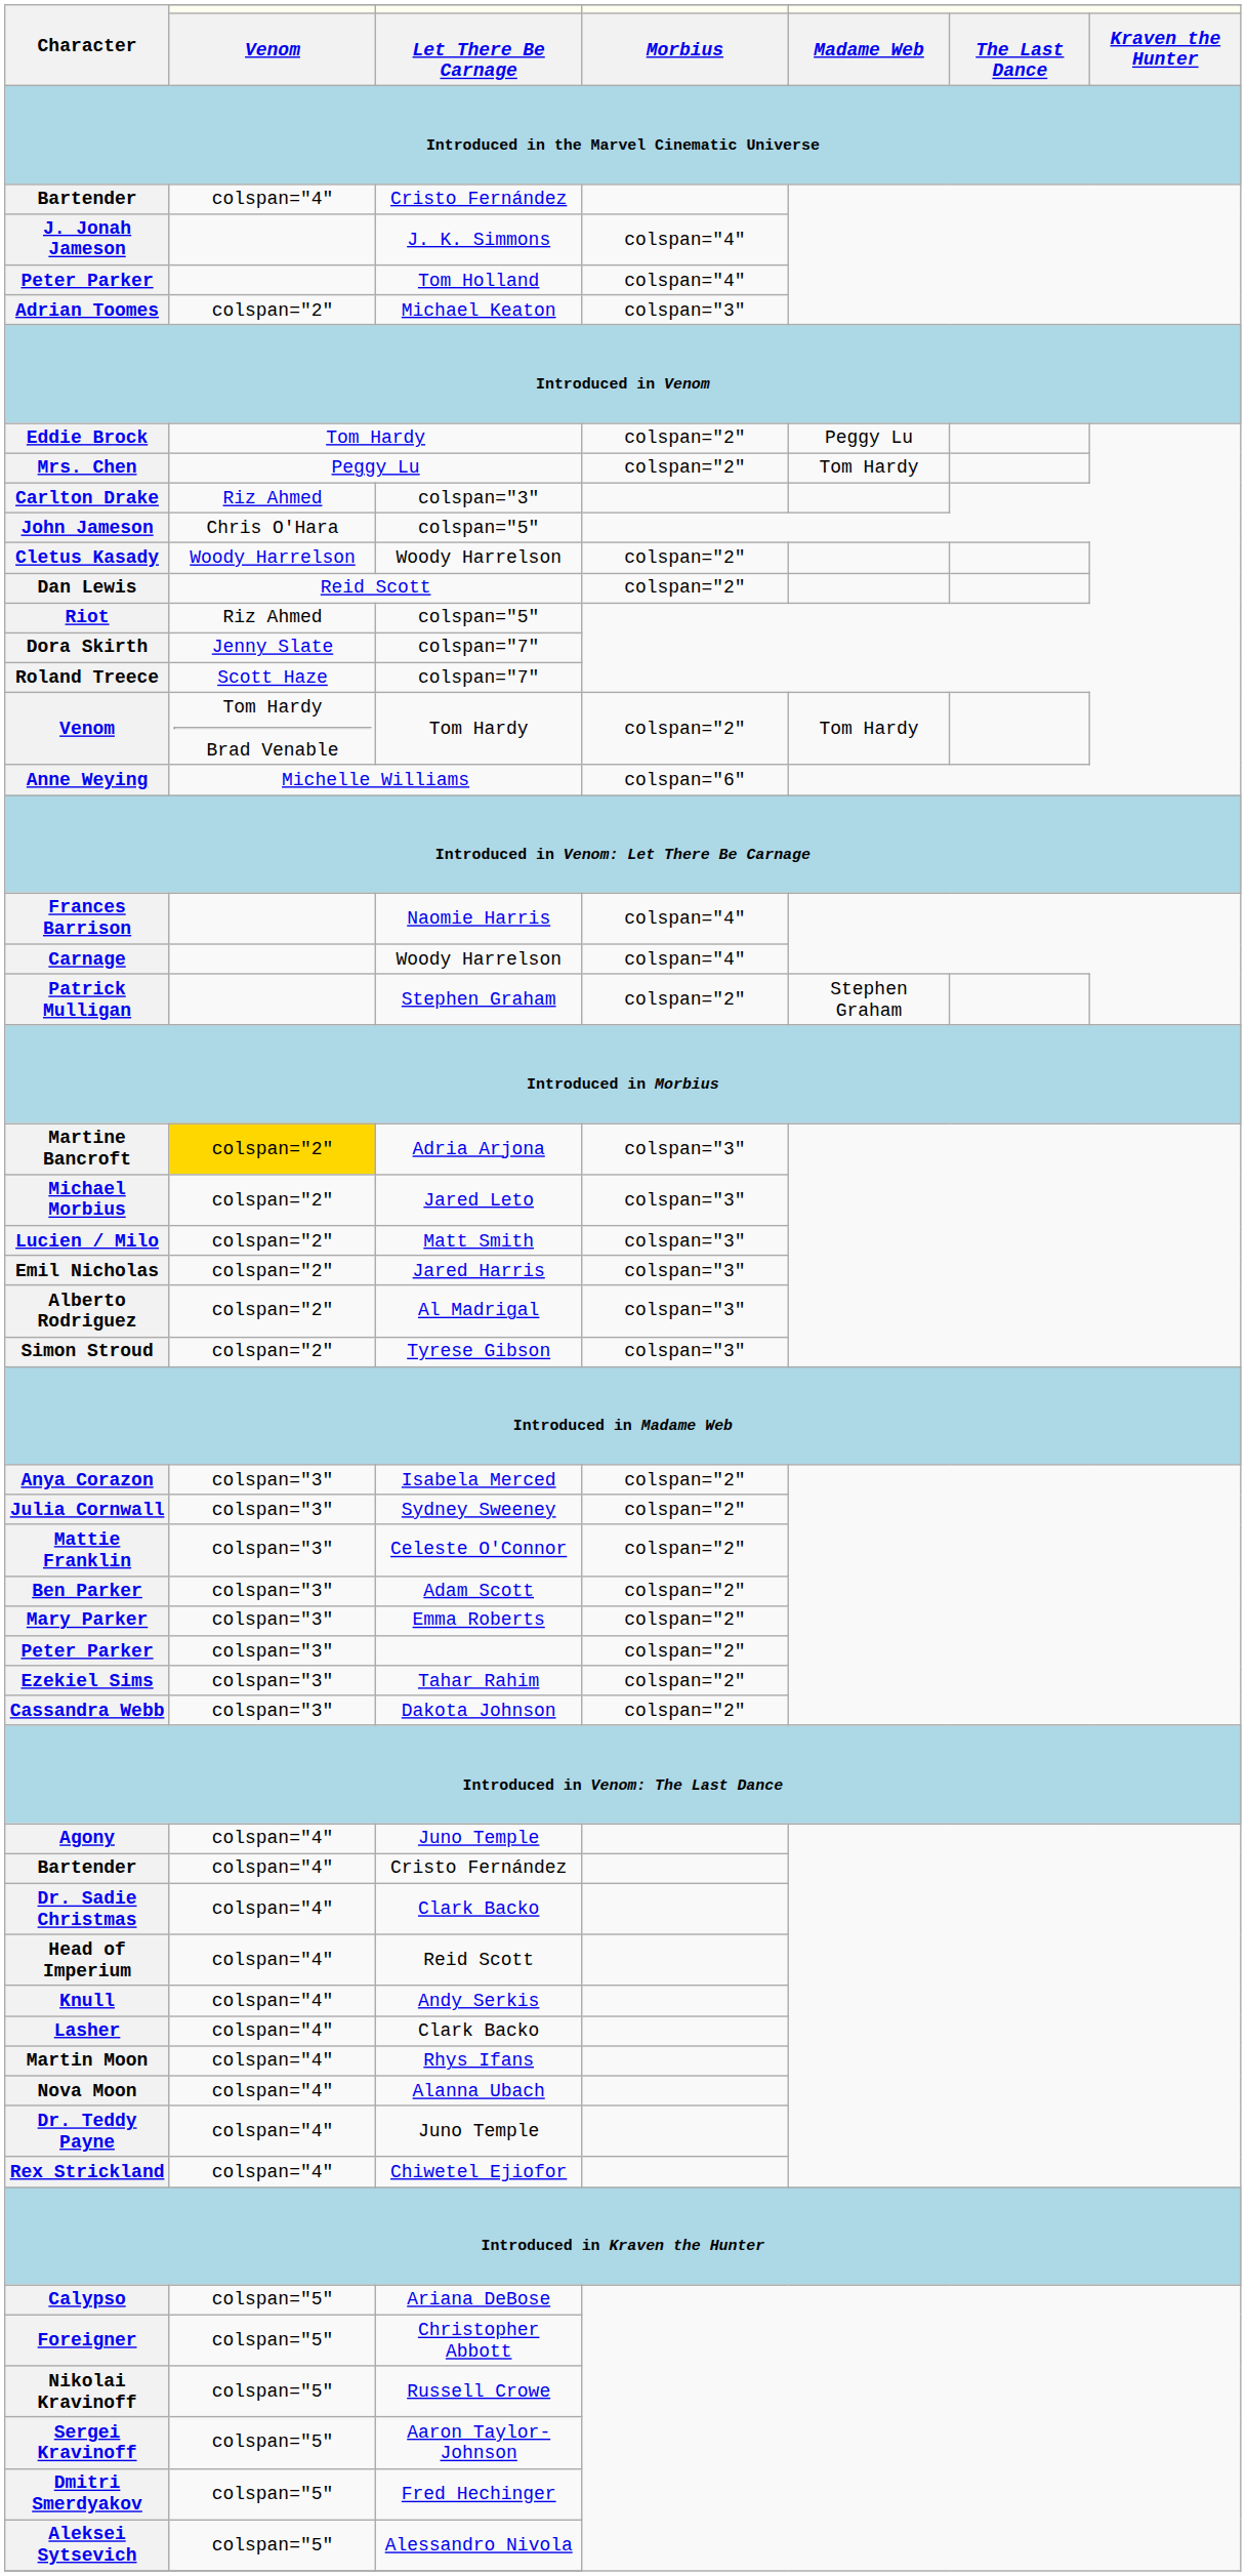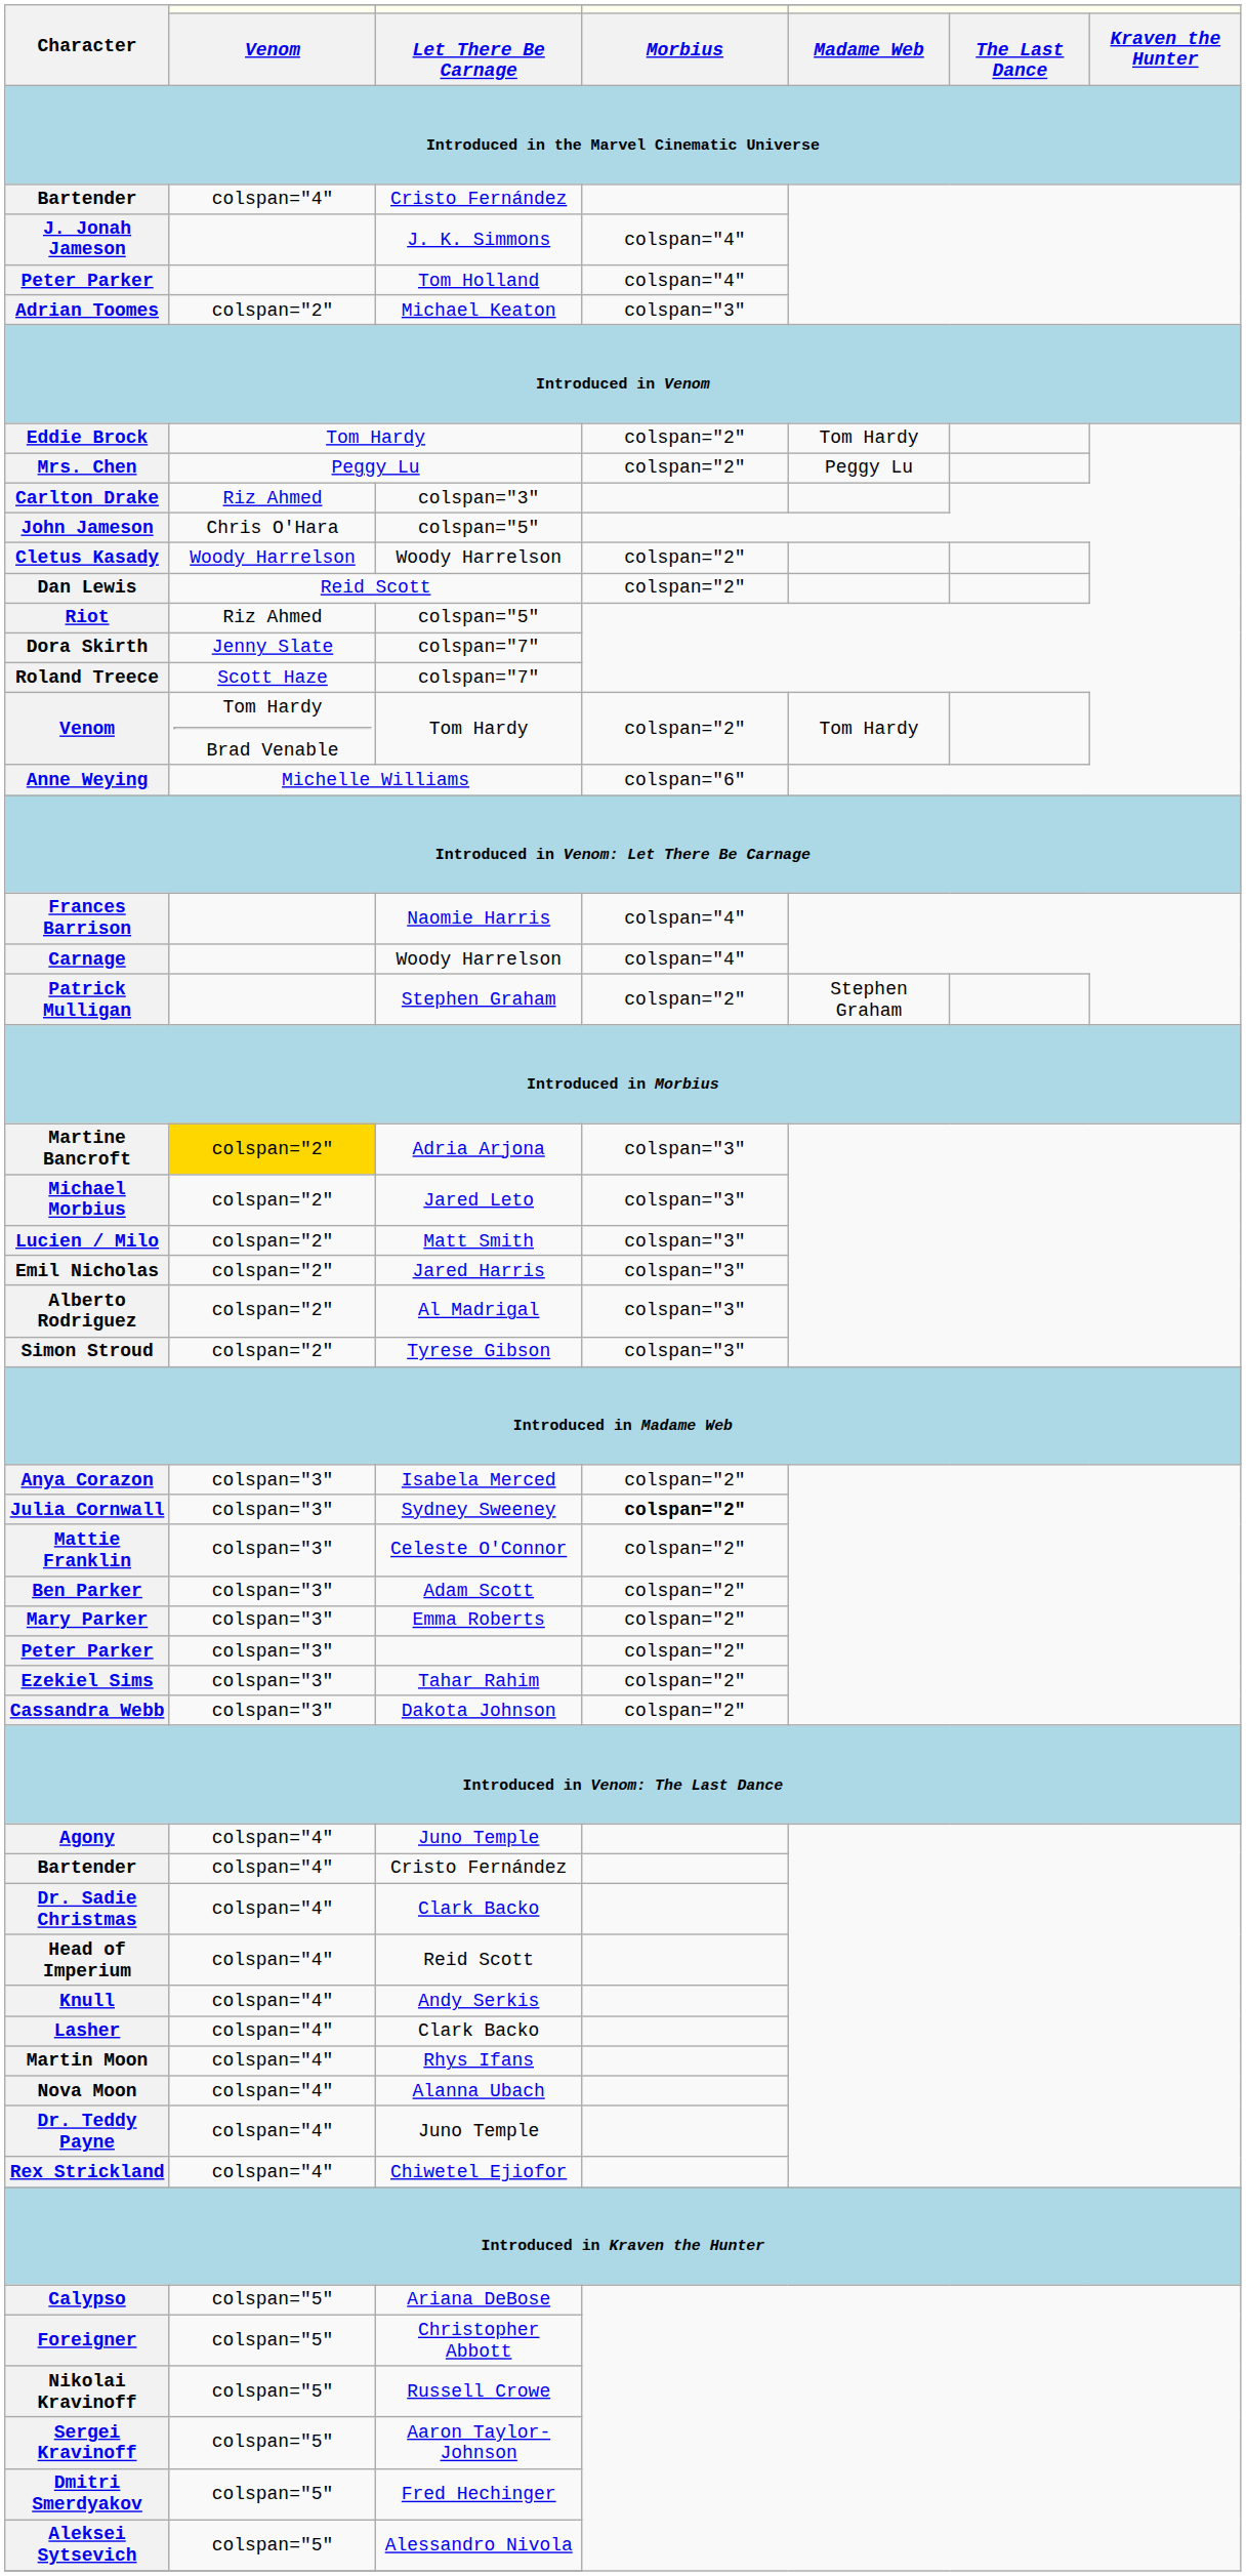 <table class="wikitable" style="text-align:center; width:99%;">
 <tr>
 <th rowspan="3" width="3%">Character</th>
 </tr>
 <tr>
 <th style="background:ivory;"></th>
 <th style="background:ivory;"></th>
 <th style="background:ivory;"></th>
 <th colspan="3" style="background:ivory;"></th>
 </tr>
 <tr>
 <th align="center" width="5%"><a href='#'><em>Venom</em></a></th>
 <th align="center" width="5%"><a href='#'><em><br>Let There Be Carnage</em></a></th>
 <th align="center" width="5%"><a href='#'><em>Morbius</em></a></th>
 <th align="center" width="5%"><a href='#'><em>Madame Web</em></a></th>
 <th align="center" width="5%"><a href='#'><em><br>The Last Dance</em></a></th>
 <th align="center" width="5%"><a href='#'><em>Kraven the Hunter</em></a></th>
 </tr>
 <tr>
 <th colspan="7" style="background:lightblue;"><br><h5>Introduced in the Marvel Cinematic Universe</h5></th>
 </tr>
 <tr>
 <th scope="row">Bartender</th>
 <td>colspan="4" </td>
 <td><a href='#'>Cristo Fernández</a></td>
 <td></td>
 </tr>
 <tr>
 <th scope="row"><a href='#'>J. Jonah Jameson</a></th>
 <td></td>
 <td><a href='#'>J. K. Simmons</a></td>
 <td>colspan="4" </td>
 </tr>
 <tr>
 <th scope="row"><a href='#'>Peter Parker<br></a></th>
 <td></td>
 <td><a href='#'>Tom Holland</a></td>
 <td>colspan="4" </td>
 </tr>
 <tr>
 <th scope="row"><a href='#'>Adrian Toomes<br></a></th>
 <td>colspan="2" </td>
 <td><a href='#'>Michael Keaton</a></td>
 <td>colspan="3" </td>
 </tr>
 <tr>
 <th colspan="7" style="background:lightblue;"><br><h5>Introduced in <em>Venom</em></h5></th>
 </tr>
 <tr>
 <th scope="row"><a href='#'>Eddie Brock</a></th>
 <td colspan="2"><a href='#'>Tom Hardy</a></td>
 <td>colspan="2" </td>
-<td>Peggy Lu</td>
+<td>Tom Hardy</td>
 <td></td>
 </tr>
 <tr>
 <th scope="row"><a href='#'>Mrs. Chen</a></th>
 <td colspan="2"><a href='#'>Peggy Lu</a></td>
 <td>colspan="2" </td>
-<td>Tom Hardy</td>
+<td>Peggy Lu</td>
 <td></td>
 </tr>
 <tr>
 <th scope="row"><a href='#'>Carlton Drake</a></th>
 <td><a href='#'>Riz Ahmed</a></td>
 <td>colspan="3" </td>
 <td></td>
 <td></td>
 </tr>
 <tr>
 <th scope="row"><a href='#'>John Jameson</a></th>
 <td>Chris O'Hara</td>
 <td>colspan="5" </td>
 </tr>
 <tr>
 <th scope="row"><a href='#'>Cletus Kasady</a></th>
 <td><a href='#'>Woody Harrelson</a></td>
 <td>Woody Harrelson<br></td>
 <td>colspan="2" </td>
 <td></td>
 <td></td>
 </tr>
 <tr>
 <th scope="row">Dan Lewis</th>
 <td colspan="2"><a href='#'>Reid Scott</a></td>
 <td>colspan="2" </td>
 <td></td>
 <td></td>
 </tr>
 <tr>
 <th scope="row"><a href='#'>Riot</a></th>
 <td>Riz Ahmed</td>
 <td>colspan="5" </td>
 </tr>
 <tr>
 <th scope="row">Dora Skirth</th>
 <td><a href='#'>Jenny Slate</a></td>
 <td>colspan="7" </td>
 </tr>
 <tr>
 <th scope="row">Roland Treece</th>
 <td><a href='#'>Scott Haze</a></td>
 <td>colspan="7" </td>
 </tr>
 <tr>
 <th scope="row"><a href='#'>Venom</a></th>
 <td>Tom Hardy<hr>Brad Venable</td>
 <td>Tom Hardy</td>
 <td>colspan="2" </td>
 <td>Tom Hardy</td>
 <td></td>
 </tr>
 <tr>
 <th scope="row"><a href='#'>Anne Weying</a></th>
 <td colspan="2"><a href='#'>Michelle Williams</a></td>
 <td>colspan="6" </td>
 </tr>
 <tr>
 <th colspan="7" style="background:lightblue;"><br><h5>Introduced in <em>Venom: Let There Be Carnage</em></h5></th>
 </tr>
 <tr>
 <th scope="row"><a href='#'>Frances Barrison<br></a></th>
 <td></td>
 <td><a href='#'>Naomie Harris</a><br></td>
 <td>colspan="4" </td>
 </tr>
 <tr>
 <th scope="row"><a href='#'>Carnage</a></th>
 <td></td>
 <td>Woody Harrelson</td>
 <td>colspan="4" </td>
 </tr>
 <tr>
 <th scope="row"><a href='#'>Patrick Mulligan</a></th>
 <td></td>
 <td><a href='#'>Stephen Graham</a><br></td>
 <td>colspan="2" </td>
 <td>Stephen Graham</td>
 <td></td>
 </tr>
 <tr>
 <th colspan="7" style="background:lightblue;"><br><h5>Introduced in <em>Morbius</em></h5></th>
 </tr>
 <tr>
 <th scope="row">Martine Bancroft</th>
 <td style="background: gold;">colspan="2" </td>
 <td><a href='#'>Adria Arjona</a></td>
 <td>colspan="3" </td>
 </tr>
 <tr>
 <th scope="row"><a href='#'>Michael Morbius</a></th>
 <td>colspan="2" </td>
 <td><a href='#'>Jared Leto</a><br></td>
 <td>colspan="3" </td>
 </tr>
 <tr>
 <th scope="row"><a href='#'>Lucien / Milo</a></th>
 <td>colspan="2" </td>
 <td><a href='#'>Matt Smith</a><br></td>
 <td>colspan="3" </td>
 </tr>
 <tr>
 <th scope="row">Emil Nicholas</th>
 <td>colspan="2" </td>
 <td><a href='#'>Jared Harris</a></td>
 <td>colspan="3" </td>
 </tr>
 <tr>
 <th scope="row">Alberto Rodriguez</th>
 <td>colspan="2" </td>
 <td><a href='#'>Al Madrigal</a></td>
 <td>colspan="3" </td>
 </tr>
 <tr>
 <th scope="row">Simon Stroud</th>
 <td>colspan="2" </td>
 <td><a href='#'>Tyrese Gibson</a></td>
 <td>colspan="3" </td>
 </tr>
 <tr>
 <th colspan="7" style="background:lightblue;"><br><h5>Introduced in <em>Madame Web</em></h5></th>
 </tr>
 <tr>
 <th scope="row"><a href='#'>Anya Corazon</a></th>
 <td>colspan="3" </td>
 <td><a href='#'>Isabela Merced</a></td>
 <td>colspan="2" </td>
 </tr>
 <tr>
 <th scope="row"><a href='#'>Julia Cornwall</a></th>
 <td>colspan="3" </td>
 <td><a href='#'>Sydney Sweeney</a></td>
-<td>colspan="2" </td>
+<td><strong>colspan="2" </strong></td>
 </tr>
 <tr>
 <th scope="row"><a href='#'>Mattie Franklin</a></th>
 <td>colspan="3" </td>
 <td><a href='#'>Celeste O'Connor</a></td>
 <td>colspan="2" </td>
 </tr>
 <tr>
 <th scope="row"><a href='#'>Ben Parker</a></th>
 <td>colspan="3" </td>
 <td><a href='#'>Adam Scott</a></td>
 <td>colspan="2" </td>
 </tr>
 <tr>
 <th scope="row"><a href='#'>Mary Parker</a></th>
 <td>colspan="3" </td>
 <td><a href='#'>Emma Roberts</a></td>
 <td>colspan="2" </td>
 </tr>
 <tr>
 <th scope="row"><a href='#'>Peter Parker</a></th>
 <td>colspan="3" </td>
 <td></td>
 <td>colspan="2" </td>
 </tr>
 <tr>
 <th scope="row"><a href='#'>Ezekiel Sims</a></th>
 <td>colspan="3" </td>
 <td><a href='#'>Tahar Rahim</a></td>
 <td>colspan="2" </td>
 </tr>
 <tr>
 <th scope="row"><a href='#'>Cassandra Webb<br></a></th>
 <td>colspan="3" </td>
 <td><a href='#'>Dakota Johnson</a></td>
 <td>colspan="2" </td>
 </tr>
 <tr>
 <th colspan="7" style="background:lightblue;"><br><h5>Introduced in <em>Venom: The Last Dance</em></h5></th>
 </tr>
 <tr>
 <th scope="row"><a href='#'>Agony</a></th>
 <td>colspan="4" </td>
 <td><a href='#'>Juno Temple</a></td>
 <td></td>
 </tr>
 <tr>
 <th scope="row">Bartender</th>
 <td>colspan="4" </td>
 <td>Cristo Fernández</td>
 <td></td>
 </tr>
 <tr>
 <th scope="row"><a href='#'>Dr. Sadie Christmas</a></th>
 <td>colspan="4" </td>
 <td><a href='#'>Clark Backo</a></td>
 <td></td>
 </tr>
 <tr>
 <th scope="row">Head of Imperium</th>
 <td>colspan="4" </td>
 <td>Reid Scott</td>
 <td></td>
 </tr>
 <tr>
 <th scope="row"><a href='#'>Knull</a></th>
 <td>colspan="4" </td>
 <td><a href='#'>Andy Serkis</a></td>
 <td></td>
 </tr>
 <tr>
 <th scope="row"><a href='#'>Lasher</a></th>
 <td>colspan="4" </td>
 <td>Clark Backo</td>
 <td></td>
 </tr>
 <tr>
 <th scope="row">Martin Moon</th>
 <td>colspan="4" </td>
 <td><a href='#'>Rhys Ifans</a></td>
 <td></td>
 </tr>
 <tr>
 <th scope="row">Nova Moon</th>
 <td>colspan="4" </td>
 <td><a href='#'>Alanna Ubach</a></td>
 <td></td>
 </tr>
 <tr>
 <th scope="row"><a href='#'>Dr. Teddy Payne</a></th>
 <td>colspan="4" </td>
 <td>Juno Temple</td>
 <td></td>
 </tr>
 <tr>
 <th scope="row"><a href='#'>Rex Strickland</a></th>
 <td>colspan="4" </td>
 <td><a href='#'>Chiwetel Ejiofor</a></td>
 <td></td>
 </tr>
 <tr>
 <th colspan="7" style="background:lightblue;"><br><h5>Introduced in <em>Kraven the Hunter</em></h5></th>
 </tr>
 <tr>
 <th scope="row"><a href='#'>Calypso</a></th>
 <td>colspan="5" </td>
 <td><a href='#'>Ariana DeBose</a><br></td>
 </tr>
 <tr>
 <th scope="row"><a href='#'>Foreigner</a></th>
 <td>colspan="5" </td>
 <td><a href='#'>Christopher Abbott</a></td>
 </tr>
 <tr>
 <th scope="row">Nikolai Kravinoff</th>
 <td>colspan="5" </td>
 <td><a href='#'>Russell Crowe</a></td>
 </tr>
 <tr>
 <th scope="row"><a href='#'>Sergei Kravinoff<br></a></th>
 <td>colspan="5" </td>
 <td><a href='#'>Aaron Taylor-Johnson</a><br></td>
 </tr>
 <tr>
 <th scope="row"><a href='#'>Dmitri Smerdyakov<br></a></th>
 <td>colspan="5" </td>
 <td><a href='#'>Fred Hechinger</a><br></td>
 </tr>
 <tr>
 <th scope="row"><a href='#'>Aleksei Sytsevich<br></a></th>
 <td>colspan="5" </td>
 <td><a href='#'>Alessandro Nivola</a></td>
 </tr>
 <tr>
 </tr>
 </table>
